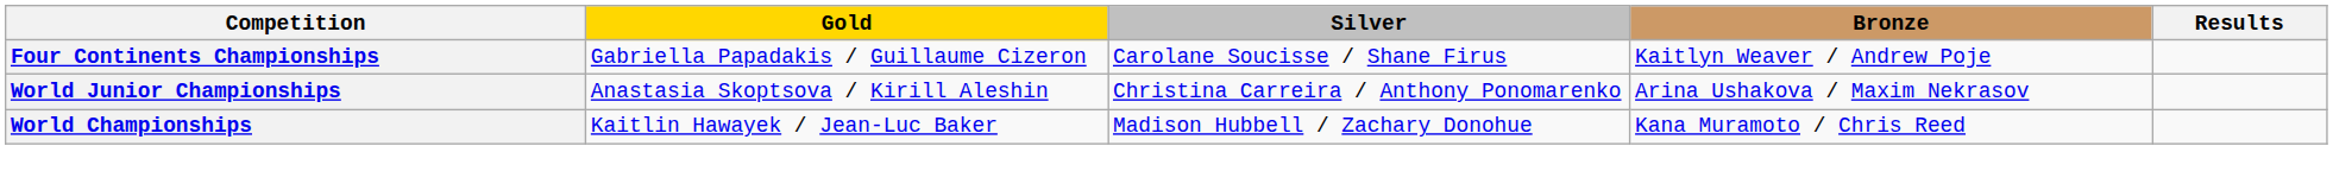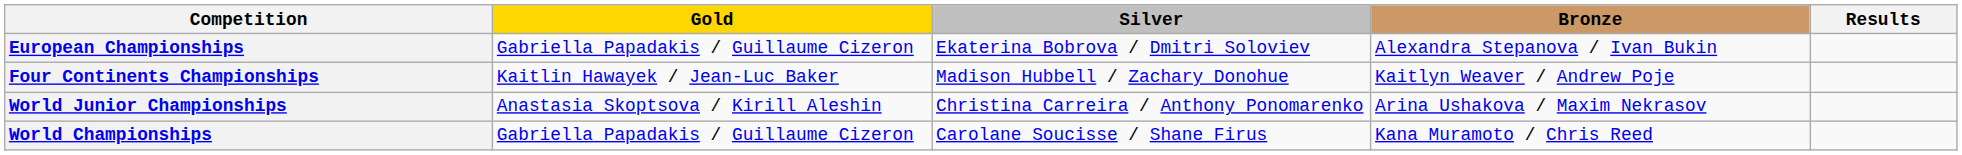 <table class="wikitable unsortable" style="text-align:left; width:90%">
 <tr>
 <th scope="col" style="text-align:center; width:25%;">Competition</th>
 <td scope="col" style="text-align:center; width:22.5%; background:gold"><strong>Gold</strong></td>
 <td scope="col" style="text-align:center; width:22.5%; background:silver"><strong>Silver</strong></td>
 <td scope="col" style="text-align:center; width:22.5%; background:#c96"><strong>Bronze</strong></td>
 <th scope="col" style="text-align:center; width:7.5%;">Results</th>
 </tr>
 <tr>
+<th scope="row" style="text-align:left"> <a href='#'>European Championships</a></th>
+<td> <a href='#'>Gabriella Papadakis</a> / <a href='#'>Guillaume Cizeron</a></td>
+<td> <a href='#'>Ekaterina Bobrova</a> / <a href='#'>Dmitri Soloviev</a></td>
+<td> <a href='#'>Alexandra Stepanova</a> / <a href='#'>Ivan Bukin</a></td>
+<td></td>
+</tr>
+<tr>
 <th scope="row" style="text-align:left"> <a href='#'>Four Continents Championships</a></th>
-<td> <a href='#'>Gabriella Papadakis</a> / <a href='#'>Guillaume Cizeron</a></td>
-<td> <a href='#'>Carolane Soucisse</a> / <a href='#'>Shane Firus</a></td>
+<td> <a href='#'>Kaitlin Hawayek</a> / <a href='#'>Jean-Luc Baker</a></td>
+<td> <a href='#'>Madison Hubbell</a> / <a href='#'>Zachary Donohue</a></td>
 <td> <a href='#'>Kaitlyn Weaver</a> / <a href='#'>Andrew Poje</a></td>
 <td></td>
 </tr>
 <tr>
 <th scope="row" style="text-align:left"> <a href='#'>World Junior Championships</a></th>
 <td> <a href='#'>Anastasia Skoptsova</a> / <a href='#'>Kirill Aleshin</a></td>
 <td> <a href='#'>Christina Carreira</a> / <a href='#'>Anthony Ponomarenko</a></td>
 <td> <a href='#'>Arina Ushakova</a> / <a href='#'>Maxim Nekrasov</a></td>
 <td></td>
 </tr>
 <tr>
 <th scope="row" style="text-align:left"> <a href='#'>World Championships</a></th>
-<td> <a href='#'>Kaitlin Hawayek</a> / <a href='#'>Jean-Luc Baker</a></td>
-<td> <a href='#'>Madison Hubbell</a> / <a href='#'>Zachary Donohue</a></td>
+<td> <a href='#'>Gabriella Papadakis</a> / <a href='#'>Guillaume Cizeron</a></td>
+<td> <a href='#'>Carolane Soucisse</a> / <a href='#'>Shane Firus</a></td>
 <td> <a href='#'>Kana Muramoto</a> / <a href='#'>Chris Reed</a></td>
 <td></td>
 </tr>
 </table>
